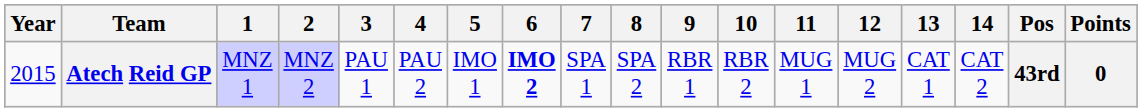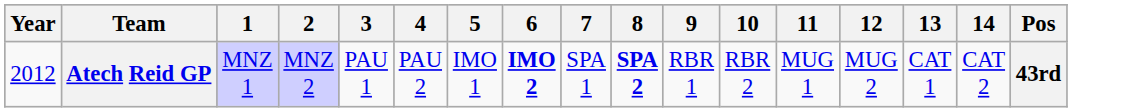 <table class="wikitable" style="text-align:center; font-size:85%">
 <tr>
 <th>Year</th>
 <th>Team</th>
 <th>1</th>
 <th>2</th>
 <th>3</th>
 <th>4</th>
 <th>5</th>
 <th>6</th>
 <th>7</th>
 <th>8</th>
 <th>9</th>
 <th>10</th>
 <th>11</th>
 <th>12</th>
 <th>13</th>
 <th>14</th>
 <th>Pos</th>
-<th>Points</th>
 </tr>
 <tr>
-<td><a href='#'>2015</a></td>
+<td><a href='#'>2012</a></td>
 <th nowrap><a href='#'>Atech</a> <a href='#'>Reid GP</a></th>
 <td style="background:#CFCFFF;"><a href='#'>MNZ<br>1</a><br></td>
 <td style="background:#CFCFFF;"><a href='#'>MNZ<br>2</a><br></td>
 <td style="background:#;"><a href='#'>PAU<br>1</a><br></td>
 <td style="background:#;"><a href='#'>PAU<br>2</a><br></td>
 <td style="background:#;"><a href='#'>IMO<br>1</a><br></td>
 <td style="background:#;"><strong><a href='#'>IMO<br>2</a><br></strong></td>
 <td style="background:#;"><a href='#'>SPA<br>1</a><br></td>
-<td style="background:#;"><a href='#'>SPA<br>2</a><br></td>
+<td style="background:#;"><strong><a href='#'>SPA<br>2</a><br></strong></td>
 <td style="background:#;"><a href='#'>RBR<br>1</a><br></td>
 <td style="background:#;"><a href='#'>RBR<br>2</a><br></td>
 <td style="background:#;"><a href='#'>MUG<br>1</a><br></td>
 <td style="background:#;"><a href='#'>MUG<br>2</a><br></td>
 <td style="background:#;"><a href='#'>CAT<br>1</a><br></td>
 <td style="background:#;"><a href='#'>CAT<br>2</a><br></td>
 <th>43rd</th>
-<th>0</th>
 </tr>
 </table>
